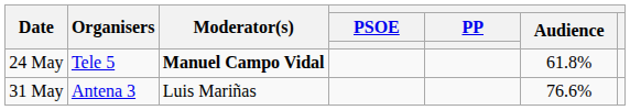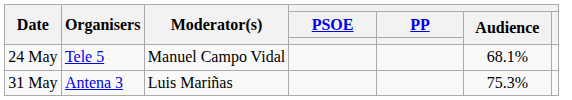 <table class="wikitable" style="text-align:center;">
 <tr>
 <th rowspan="3">Date</th>
 <th rowspan="3">Organisers</th>
 <th rowspan="3">Moderator(s)</th>
 <th colspan="4">    </th>
 </tr>
 <tr>
 <th scope="col" style="width:5em;"><a href='#'>PSOE</a></th>
 <th scope="col" style="width:5em;"><a href='#'>PP</a></th>
 <th rowspan="2" scope="col" style="width:5em;">Audience</th>
 <th rowspan="2"></th>
 </tr>
 <tr>
 <th style="color:inherit;background:"></th>
 <th style="color:inherit;background:"></th>
 </tr>
 <tr>
 <td style="white-space:nowrap; text-align:left;">24 May</td>
 <td style="white-space:nowrap; text-align:left;"><a href='#'>Tele 5</a></td>
-<td style="white-space:nowrap; text-align:left;"><strong>Manuel Campo Vidal</strong></td>
+<td style="white-space:nowrap; text-align:left;">Manuel Campo Vidal</td>
 <td></td>
 <td></td>
-<td>61.8%<br></td>
+<td>68.1%<br></td>
 <td><br></td>
 </tr>
 <tr>
 <td style="white-space:nowrap; text-align:left;">31 May</td>
 <td style="white-space:nowrap; text-align:left;"><a href='#'>Antena 3</a></td>
 <td style="white-space:nowrap; text-align:left;">Luis Mariñas</td>
 <td></td>
 <td></td>
-<td>76.6%<br></td>
+<td>75.3%<br></td>
 <td><br></td>
 </tr>
 </table>
